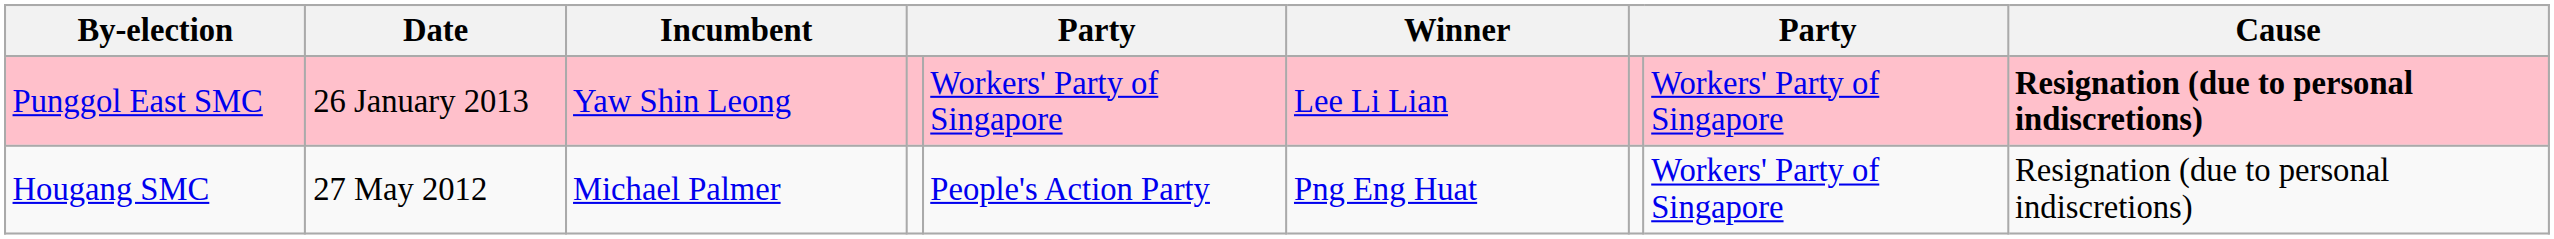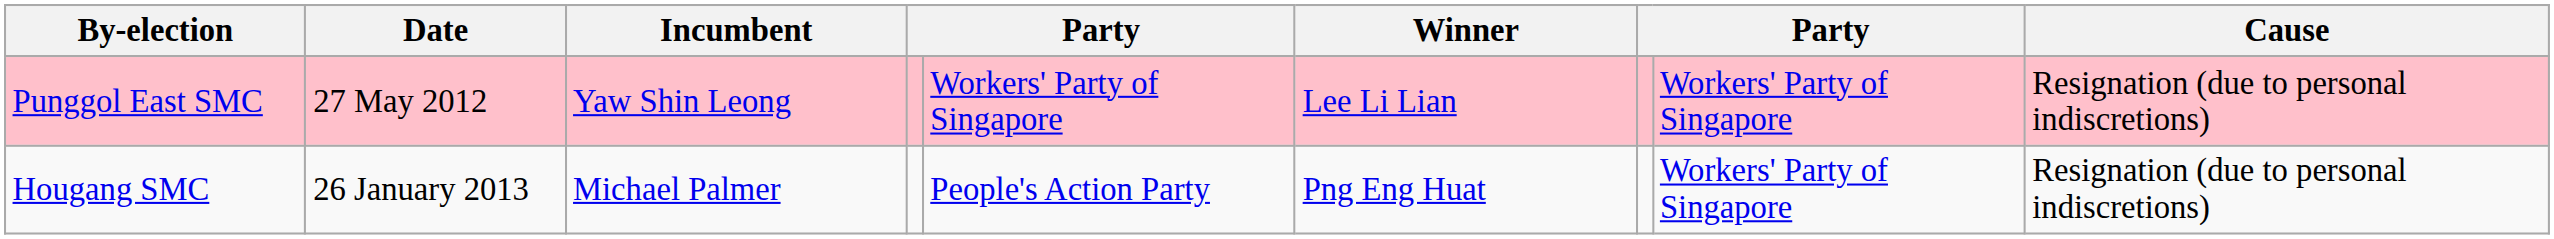 <table class="wikitable">
 <tr>
 <th ! scope="col" width="140px">By-election</th>
 <th ! scope="col" width="120px">Date</th>
 <th ! scope="col" width="160px">Incumbent</th>
 <th ! scope="col" width="200px" colspan=2>Party</th>
 <th ! scope="col" width="160px">Winner</th>
 <th ! scope="col" width="200px" colspan=2>Party</th>
 <th ! scope="col">Cause</th>
 </tr>
 <tr bgcolor=pink>
 <td><a href='#'>Punggol East SMC</a></td>
-<td>26 January 2013</td>
+<td>27 May 2012</td>
 <td><a href='#'>Yaw Shin Leong</a></td>
 <td></td>
 <td><a href='#'>Workers' Party of Singapore</a></td>
 <td><a href='#'>Lee Li Lian</a></td>
 <td></td>
 <td><a href='#'>Workers' Party of Singapore</a></td>
-<td><strong>Resignation (due to personal indiscretions)</strong></td>
+<td>Resignation (due to personal indiscretions)</td>
 </tr>
 <tr>
 <td><a href='#'>Hougang SMC</a></td>
-<td>27 May 2012</td>
+<td>26 January 2013</td>
 <td><a href='#'>Michael Palmer</a></td>
 <td></td>
 <td><a href='#'>People's Action Party</a></td>
 <td><a href='#'>Png Eng Huat</a></td>
 <td></td>
 <td><a href='#'>Workers' Party of Singapore</a></td>
 <td>Resignation (due to personal indiscretions)</td>
 </tr>
 </table>
